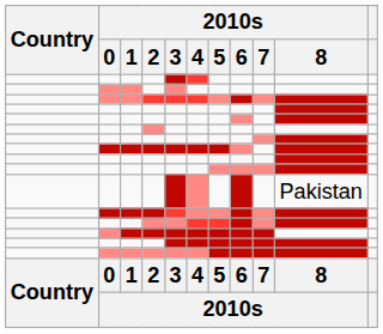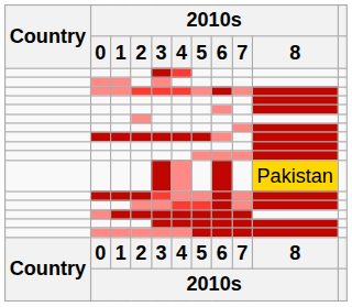 <table class="wikitable">
 <tr>
 <th rowspan="2">Country</th>
 <th colspan="9">2010s</th>
 <th></th>
 </tr>
 <tr>
 <th>0</th>
 <th>1</th>
 <th>2</th>
 <th>3</th>
 <th>4</th>
 <th>5</th>
 <th>6</th>
 <th>7</th>
 <th>8</th>
 <th></th>
 </tr>
 <tr>
 <td></td>
 <td></td>
 <td></td>
 <td></td>
 <td bgcolor="#bf0600"></td>
 <td bgcolor="#ff3a33"></td>
 <td></td>
 <td></td>
 <td></td>
 <td></td>
 <td></td>
 </tr>
 <tr>
 <td></td>
 <td bgcolor="#ff8985"></td>
 <td bgcolor="#ff8985"></td>
 <td></td>
 <td bgcolor="#ff8985"></td>
 <td></td>
 <td></td>
 <td></td>
 <td></td>
 <td></td>
 <td></td>
 </tr>
 <tr>
 <td></td>
 <td bgcolor="#ff8985"></td>
 <td bgcolor="#ff8985"></td>
 <td bgcolor="#ff3a33"></td>
 <td bgcolor="#ff3a33"></td>
 <td bgcolor="#ff3a33"></td>
 <td bgcolor="#ff8985"></td>
 <td bgcolor="#bf0600"></td>
 <td bgcolor="#ff8985"></td>
 <td bgcolor="#bf0600"></td>
 <td></td>
 </tr>
 <tr>
 <td></td>
 <td></td>
 <td></td>
 <td></td>
 <td></td>
 <td></td>
 <td></td>
 <td></td>
 <td></td>
 <td bgcolor="#bf0600"></td>
 <td></td>
 </tr>
 <tr>
 <td></td>
 <td></td>
 <td></td>
 <td></td>
 <td></td>
 <td></td>
 <td></td>
 <td bgcolor="#ff8985"></td>
 <td></td>
 <td bgcolor="#bf0600"></td>
 <td></td>
 </tr>
 <tr>
 <td></td>
 <td></td>
 <td></td>
 <td bgcolor="#ff8985"></td>
 <td></td>
 <td></td>
 <td></td>
 <td></td>
 <td></td>
 <td></td>
 <td></td>
 </tr>
 <tr>
 <td></td>
 <td></td>
 <td></td>
 <td></td>
 <td></td>
 <td></td>
 <td></td>
 <td></td>
 <td bgcolor="#ff8985"></td>
 <td bgcolor="#bf0600"></td>
 <td></td>
 </tr>
 <tr>
 <td></td>
 <td bgcolor="#bf0600"></td>
 <td bgcolor="#bf0600"></td>
 <td bgcolor="#bf0600"></td>
 <td bgcolor="#bf0600"></td>
 <td bgcolor="#bf0600"></td>
 <td bgcolor="#bf0600"></td>
 <td bgcolor="#ff8985"></td>
 <td></td>
 <td bgcolor="#bf0600"></td>
 <td></td>
 </tr>
 <tr>
 <td></td>
 <td></td>
 <td></td>
 <td></td>
 <td></td>
 <td></td>
 <td></td>
 <td></td>
 <td></td>
 <td bgcolor="#bf0600"></td>
 <td></td>
 </tr>
 <tr>
 <td></td>
 <td></td>
 <td></td>
 <td></td>
 <td></td>
 <td></td>
 <td bgcolor="#ff8985"></td>
 <td bgcolor="#ff8985"></td>
 <td bgcolor="#ff8985"></td>
 <td bgcolor="#bf0600"></td>
 <td></td>
 </tr>
 <tr>
 <td></td>
 <td></td>
 <td></td>
 <td></td>
 <td bgcolor="#bf0600"></td>
 <td bgcolor="#ff8985"></td>
 <td></td>
 <td bgcolor="#bf0600"></td>
 <td></td>
-<td>Pakistan</td>
+<td style="background: gold;">Pakistan</td>
 <td></td>
 </tr>
 <tr>
 <td></td>
 <td bgcolor="#bf0600"></td>
 <td bgcolor="#bf0600"></td>
 <td bgcolor="#bf0600"></td>
 <td bgcolor="#ff3a33"></td>
 <td bgcolor="#ff8985"></td>
 <td bgcolor="#ff8985"></td>
 <td bgcolor="#bf0600"></td>
 <td bgcolor="#ff8985"></td>
 <td bgcolor="#bf0600"></td>
 <td></td>
 </tr>
 <tr>
 <td></td>
 <td></td>
 <td></td>
 <td bgcolor="#ff8985"></td>
 <td bgcolor="#ff8985"></td>
 <td bgcolor="#ff3a33"></td>
 <td bgcolor="#ff3a33"></td>
 <td bgcolor="#bf0600"></td>
 <td bgcolor="#ff8985"></td>
 <td bgcolor="#bf0600"></td>
 <td></td>
 </tr>
 <tr>
 <td></td>
 <td bgcolor="#ff8985"></td>
 <td bgcolor="#bf0600"></td>
 <td bgcolor="#bf0600"></td>
 <td bgcolor="#bf0600"></td>
 <td bgcolor="#bf0600"></td>
 <td bgcolor="#bf0600"></td>
 <td bgcolor="#bf0600"></td>
 <td bgcolor="#bf0600"></td>
 <td></td>
 <td></td>
 </tr>
 <tr>
 <td></td>
 <td></td>
 <td></td>
 <td></td>
 <td bgcolor="#bf0600"></td>
 <td bgcolor="#bf0600"></td>
 <td bgcolor="#bf0600"></td>
 <td bgcolor="#bf0600"></td>
 <td bgcolor="#bf0600"></td>
 <td bgcolor="#bf0600"></td>
 <td></td>
 </tr>
 <tr>
 <td></td>
 <td bgcolor="#ff8985"></td>
 <td bgcolor="#ff8985"></td>
 <td bgcolor="#ff8985"></td>
 <td bgcolor="#ff8985"></td>
 <td bgcolor="#ff8985"></td>
 <td bgcolor="#bf0600"></td>
 <td bgcolor="#bf0600"></td>
 <td bgcolor="#bf0600"></td>
 <td bgcolor="#bf0600"></td>
 <td></td>
 </tr>
 <tr>
 <th rowspan="2">Country</th>
 <th>0</th>
 <th>1</th>
 <th>2</th>
 <th>3</th>
 <th>4</th>
 <th>5</th>
 <th>6</th>
 <th>7</th>
 <th>8</th>
 <th></th>
 </tr>
 <tr>
 <th colspan="9">2010s</th>
 <th></th>
 </tr>
 </table>
